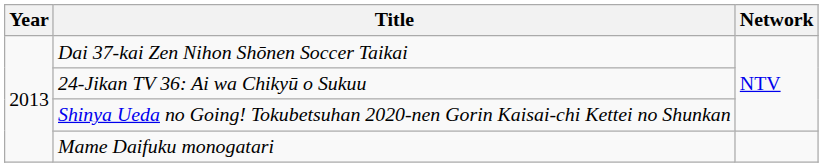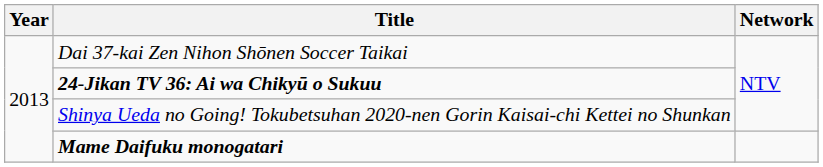 <table class="wikitable">
 <tr>
 <th>Year</th>
 <th>Title</th>
 <th>Network</th>
 </tr>
 <tr>
 <td rowspan="4">2013</td>
 <td><em>Dai 37-kai Zen Nihon Shōnen Soccer Taikai</em></td>
 <td rowspan="3"><a href='#'>NTV</a></td>
 </tr>
 <tr>
-<td><em>24-Jikan TV 36: Ai wa Chikyū o Sukuu</em></td>
+<td><strong><em>24-Jikan TV 36: Ai wa Chikyū o Sukuu</em></strong></td>
 </tr>
 <tr>
 <td><em><a href='#'>Shinya Ueda</a> no Going! Tokubetsuhan 2020-nen Gorin Kaisai-chi Kettei no Shunkan</em></td>
 </tr>
 <tr>
-<td><em>Mame Daifuku monogatari</em></td>
+<td><strong><em>Mame Daifuku monogatari</em></strong></td>
 <td></td>
 </tr>
 </table>
